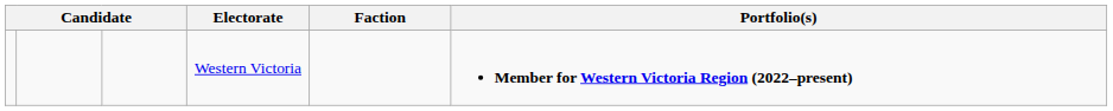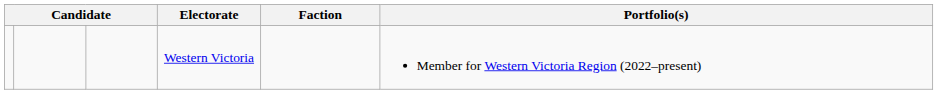 <table class="wikitable" style="text-align:center">
 <tr>
 <th width=175px; colspan=3>Candidate</th>
 <th width=115px>Electorate</th>
 <th width=135px>Faction</th>
 <th width=650px>Portfolio(s)</th>
 </tr>
 <tr>
 <td width="3pt" > </td>
 <td></td>
 <td></td>
 <td><a href='#'>Western Victoria</a></td>
 <td></td>
-<td align=left><strong><br><ul><li>Member for <a href='#'>Western Victoria Region</a> (2022–present)</li></ul></strong></td>
+<td align=left><br><ul><li>Member for <a href='#'>Western Victoria Region</a> (2022–present)</li></ul></td>
 </tr>
 </table>
